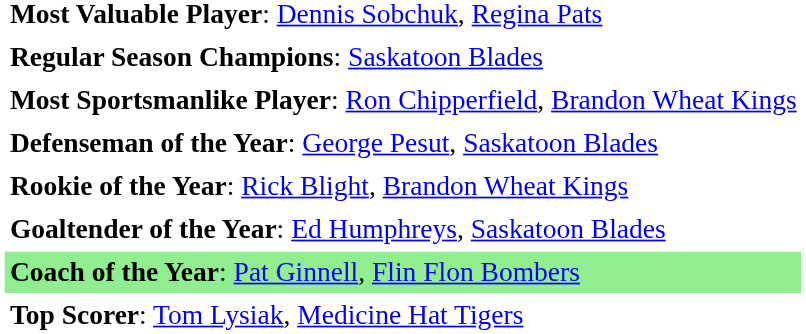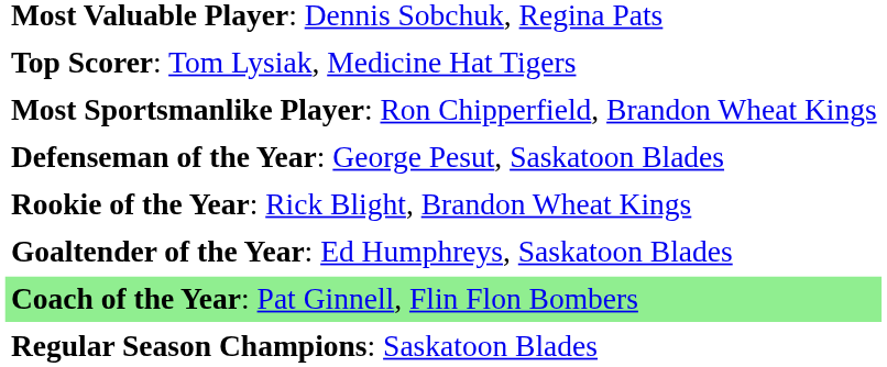 <table cellpadding="3" cellspacing="1">
 <tr>
 <td><strong>Most Valuable Player</strong>: <a href='#'>Dennis Sobchuk</a>, <a href='#'>Regina Pats</a></td>
 </tr>
 <tr>
-<td><strong>Regular Season Champions</strong>: <a href='#'>Saskatoon Blades</a></td>
+<td><strong>Top Scorer</strong>: <a href='#'>Tom Lysiak</a>, <a href='#'>Medicine Hat Tigers</a></td>
 </tr>
 <tr>
 <td><strong>Most Sportsmanlike Player</strong>: <a href='#'>Ron Chipperfield</a>, <a href='#'>Brandon Wheat Kings</a></td>
 </tr>
 <tr>
 <td><strong>Defenseman of the Year</strong>: <a href='#'>George Pesut</a>, <a href='#'>Saskatoon Blades</a></td>
 </tr>
 <tr>
 <td><strong>Rookie of the Year</strong>: <a href='#'>Rick Blight</a>, <a href='#'>Brandon Wheat Kings</a></td>
 </tr>
 <tr>
 <td><strong>Goaltender of the Year</strong>: <a href='#'>Ed Humphreys</a>, <a href='#'>Saskatoon Blades</a></td>
 </tr>
 <tr>
 <td style="background: lightgreen;"><strong>Coach of the Year</strong>: <a href='#'>Pat Ginnell</a>, <a href='#'>Flin Flon Bombers</a></td>
 </tr>
 <tr>
-<td><strong>Top Scorer</strong>: <a href='#'>Tom Lysiak</a>, <a href='#'>Medicine Hat Tigers</a></td>
+<td><strong>Regular Season Champions</strong>: <a href='#'>Saskatoon Blades</a></td>
 </tr>
 </table>
